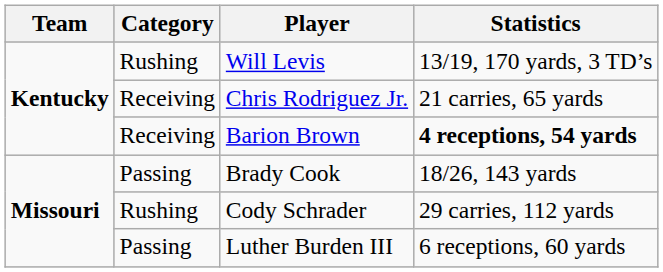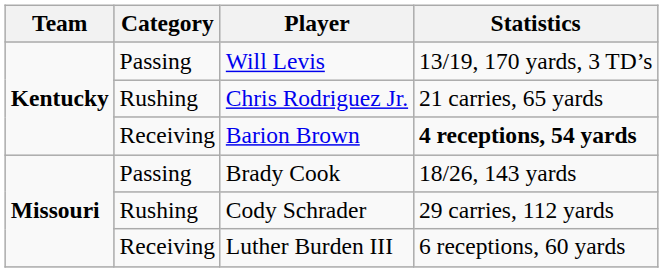 <table class="wikitable" style="float: right;">
 <tr>
 <th>Team</th>
 <th>Category</th>
 <th>Player</th>
 <th>Statistics</th>
 </tr>
 <tr>
 <td rowspan=3><strong>Kentucky</strong></td>
-<td>Rushing</td>
+<td>Passing</td>
 <td><a href='#'>Will Levis</a></td>
 <td>13/19, 170 yards, 3 TD’s</td>
 </tr>
 <tr>
-<td>Receiving</td>
+<td>Rushing</td>
 <td><a href='#'>Chris Rodriguez Jr.</a></td>
 <td>21 carries, 65 yards</td>
 </tr>
 <tr>
 <td>Receiving</td>
 <td><a href='#'>Barion Brown</a></td>
 <td><strong>4 receptions, 54 yards</strong></td>
 </tr>
 <tr>
 <td rowspan=3><strong>Missouri</strong></td>
 <td>Passing</td>
 <td>Brady Cook</td>
 <td>18/26, 143 yards</td>
 </tr>
 <tr>
 <td>Rushing</td>
 <td>Cody Schrader</td>
 <td>29 carries, 112 yards</td>
 </tr>
 <tr>
-<td>Passing</td>
+<td>Receiving</td>
 <td>Luther Burden III</td>
 <td>6 receptions, 60 yards</td>
 </tr>
 </table>
